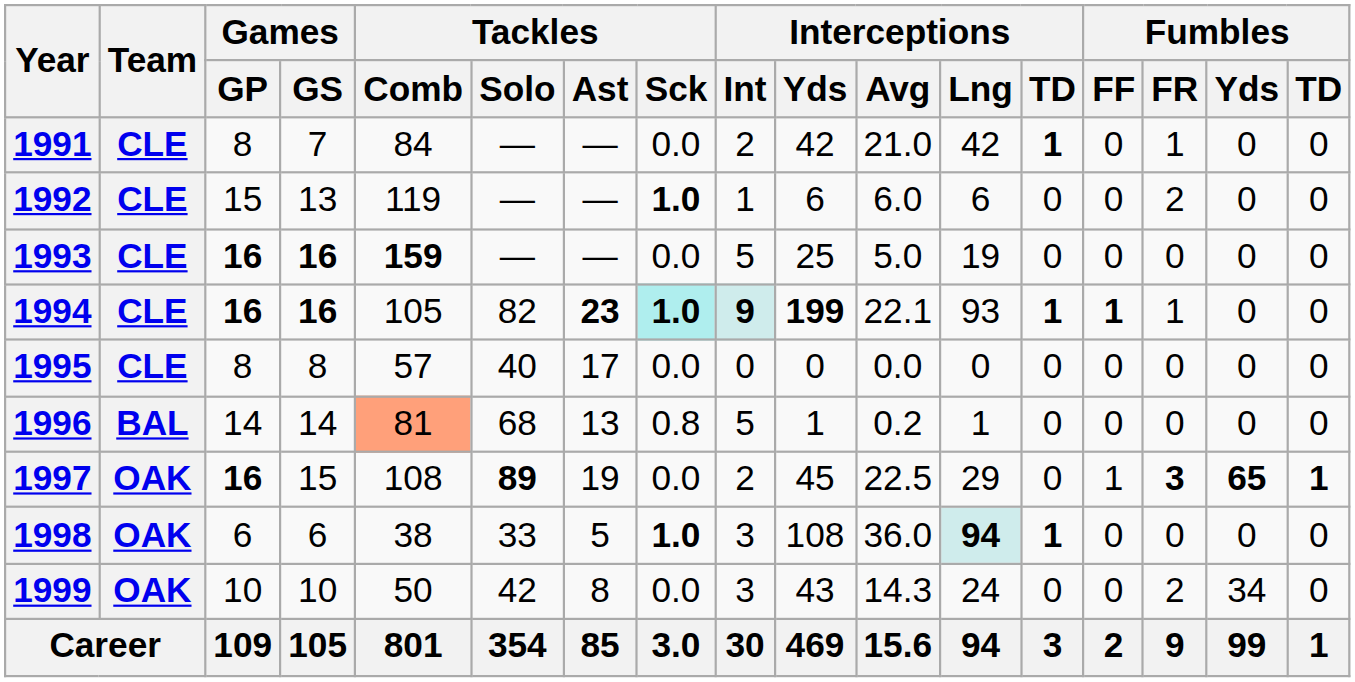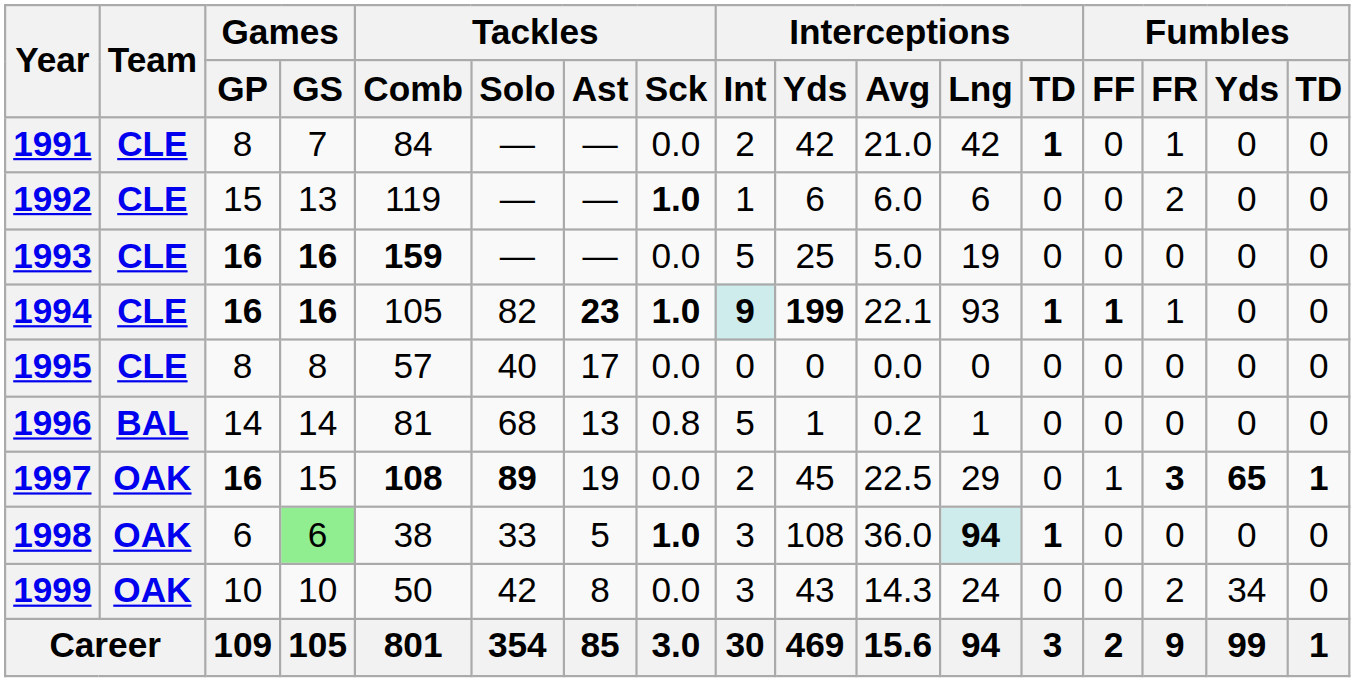 <table class="wikitable" style="text-align:center">
 <tr>
 <th rowspan="2">Year</th>
 <th rowspan="2">Team</th>
 <th colspan="2">Games</th>
 <th colspan="4">Tackles</th>
 <th colspan="5">Interceptions</th>
 <th colspan="4">Fumbles</th>
 </tr>
 <tr>
 <th>GP</th>
 <th>GS</th>
 <th>Comb</th>
 <th>Solo</th>
 <th>Ast</th>
 <th>Sck</th>
 <th>Int</th>
 <th>Yds</th>
 <th>Avg</th>
 <th>Lng</th>
 <th>TD</th>
 <th>FF</th>
 <th>FR</th>
 <th>Yds</th>
 <th>TD</th>
 </tr>
 <tr>
 <th><a href='#'>1991</a></th>
 <th><a href='#'>CLE</a></th>
 <td>8</td>
 <td>7</td>
 <td>84</td>
 <td>—</td>
 <td>—</td>
 <td>0.0</td>
 <td>2</td>
 <td>42</td>
 <td>21.0</td>
 <td>42</td>
 <td><strong>1</strong></td>
 <td>0</td>
 <td>1</td>
 <td>0</td>
 <td>0</td>
 </tr>
 <tr>
 <th><a href='#'>1992</a></th>
 <th><a href='#'>CLE</a></th>
 <td>15</td>
 <td>13</td>
 <td>119</td>
 <td>—</td>
 <td>—</td>
 <td><strong>1.0</strong></td>
 <td>1</td>
 <td>6</td>
 <td>6.0</td>
 <td>6</td>
 <td>0</td>
 <td>0</td>
 <td>2</td>
 <td>0</td>
 <td>0</td>
 </tr>
 <tr>
 <th><a href='#'>1993</a></th>
 <th><a href='#'>CLE</a></th>
 <td><strong>16</strong></td>
 <td><strong>16</strong></td>
 <td><strong>159</strong></td>
 <td>—</td>
 <td>—</td>
 <td>0.0</td>
 <td>5</td>
 <td>25</td>
 <td>5.0</td>
 <td>19</td>
 <td>0</td>
 <td>0</td>
 <td>0</td>
 <td>0</td>
 <td>0</td>
 </tr>
 <tr>
 <th><a href='#'>1994</a></th>
 <th><a href='#'>CLE</a></th>
 <td><strong>16</strong></td>
 <td><strong>16</strong></td>
 <td>105</td>
 <td>82</td>
 <td><strong>23</strong></td>
-<td style="background: paleturquoise;"><strong>1.0</strong></td>
+<td><strong>1.0</strong></td>
 <td style="background:#cfecec;"><strong>9</strong></td>
 <td><strong>199</strong></td>
 <td>22.1</td>
 <td>93</td>
 <td><strong>1</strong></td>
 <td><strong>1</strong></td>
 <td>1</td>
 <td>0</td>
 <td>0</td>
 </tr>
 <tr>
 <th><a href='#'>1995</a></th>
 <th><a href='#'>CLE</a></th>
 <td>8</td>
 <td>8</td>
 <td>57</td>
 <td>40</td>
 <td>17</td>
 <td>0.0</td>
 <td>0</td>
 <td>0</td>
 <td>0.0</td>
 <td>0</td>
 <td>0</td>
 <td>0</td>
 <td>0</td>
 <td>0</td>
 <td>0</td>
 </tr>
 <tr>
 <th><a href='#'>1996</a></th>
 <th><a href='#'>BAL</a></th>
 <td>14</td>
 <td>14</td>
-<td style="background: lightsalmon;">81</td>
+<td>81</td>
 <td>68</td>
 <td>13</td>
 <td>0.8</td>
 <td>5</td>
 <td>1</td>
 <td>0.2</td>
 <td>1</td>
 <td>0</td>
 <td>0</td>
 <td>0</td>
 <td>0</td>
 <td>0</td>
 </tr>
 <tr>
 <th><a href='#'>1997</a></th>
 <th><a href='#'>OAK</a></th>
 <td><strong>16</strong></td>
 <td>15</td>
-<td>108</td>
+<td><strong>108</strong></td>
 <td><strong>89</strong></td>
 <td>19</td>
 <td>0.0</td>
 <td>2</td>
 <td>45</td>
 <td>22.5</td>
 <td>29</td>
 <td>0</td>
 <td>1</td>
 <td><strong>3</strong></td>
 <td><strong>65</strong></td>
 <td><strong>1</strong></td>
 </tr>
 <tr>
 <th><a href='#'>1998</a></th>
 <th><a href='#'>OAK</a></th>
 <td>6</td>
-<td>6</td>
+<td style="background: lightgreen;">6</td>
 <td>38</td>
 <td>33</td>
 <td>5</td>
 <td><strong>1.0</strong></td>
 <td>3</td>
 <td>108</td>
 <td>36.0</td>
 <td style="background:#cfecec;"><strong>94</strong></td>
 <td><strong>1</strong></td>
 <td>0</td>
 <td>0</td>
 <td>0</td>
 <td>0</td>
 </tr>
 <tr>
 <th><a href='#'>1999</a></th>
 <th><a href='#'>OAK</a></th>
 <td>10</td>
 <td>10</td>
 <td>50</td>
 <td>42</td>
 <td>8</td>
 <td>0.0</td>
 <td>3</td>
 <td>43</td>
 <td>14.3</td>
 <td>24</td>
 <td>0</td>
 <td>0</td>
 <td>2</td>
 <td>34</td>
 <td>0</td>
 </tr>
 <tr>
 <th colspan="2">Career</th>
 <th>109</th>
 <th>105</th>
 <th>801</th>
 <th>354</th>
 <th>85</th>
 <th>3.0</th>
 <th>30</th>
 <th>469</th>
 <th>15.6</th>
 <th>94</th>
 <th>3</th>
 <th>2</th>
 <th>9</th>
 <th>99</th>
 <th>1</th>
 </tr>
 </table>
